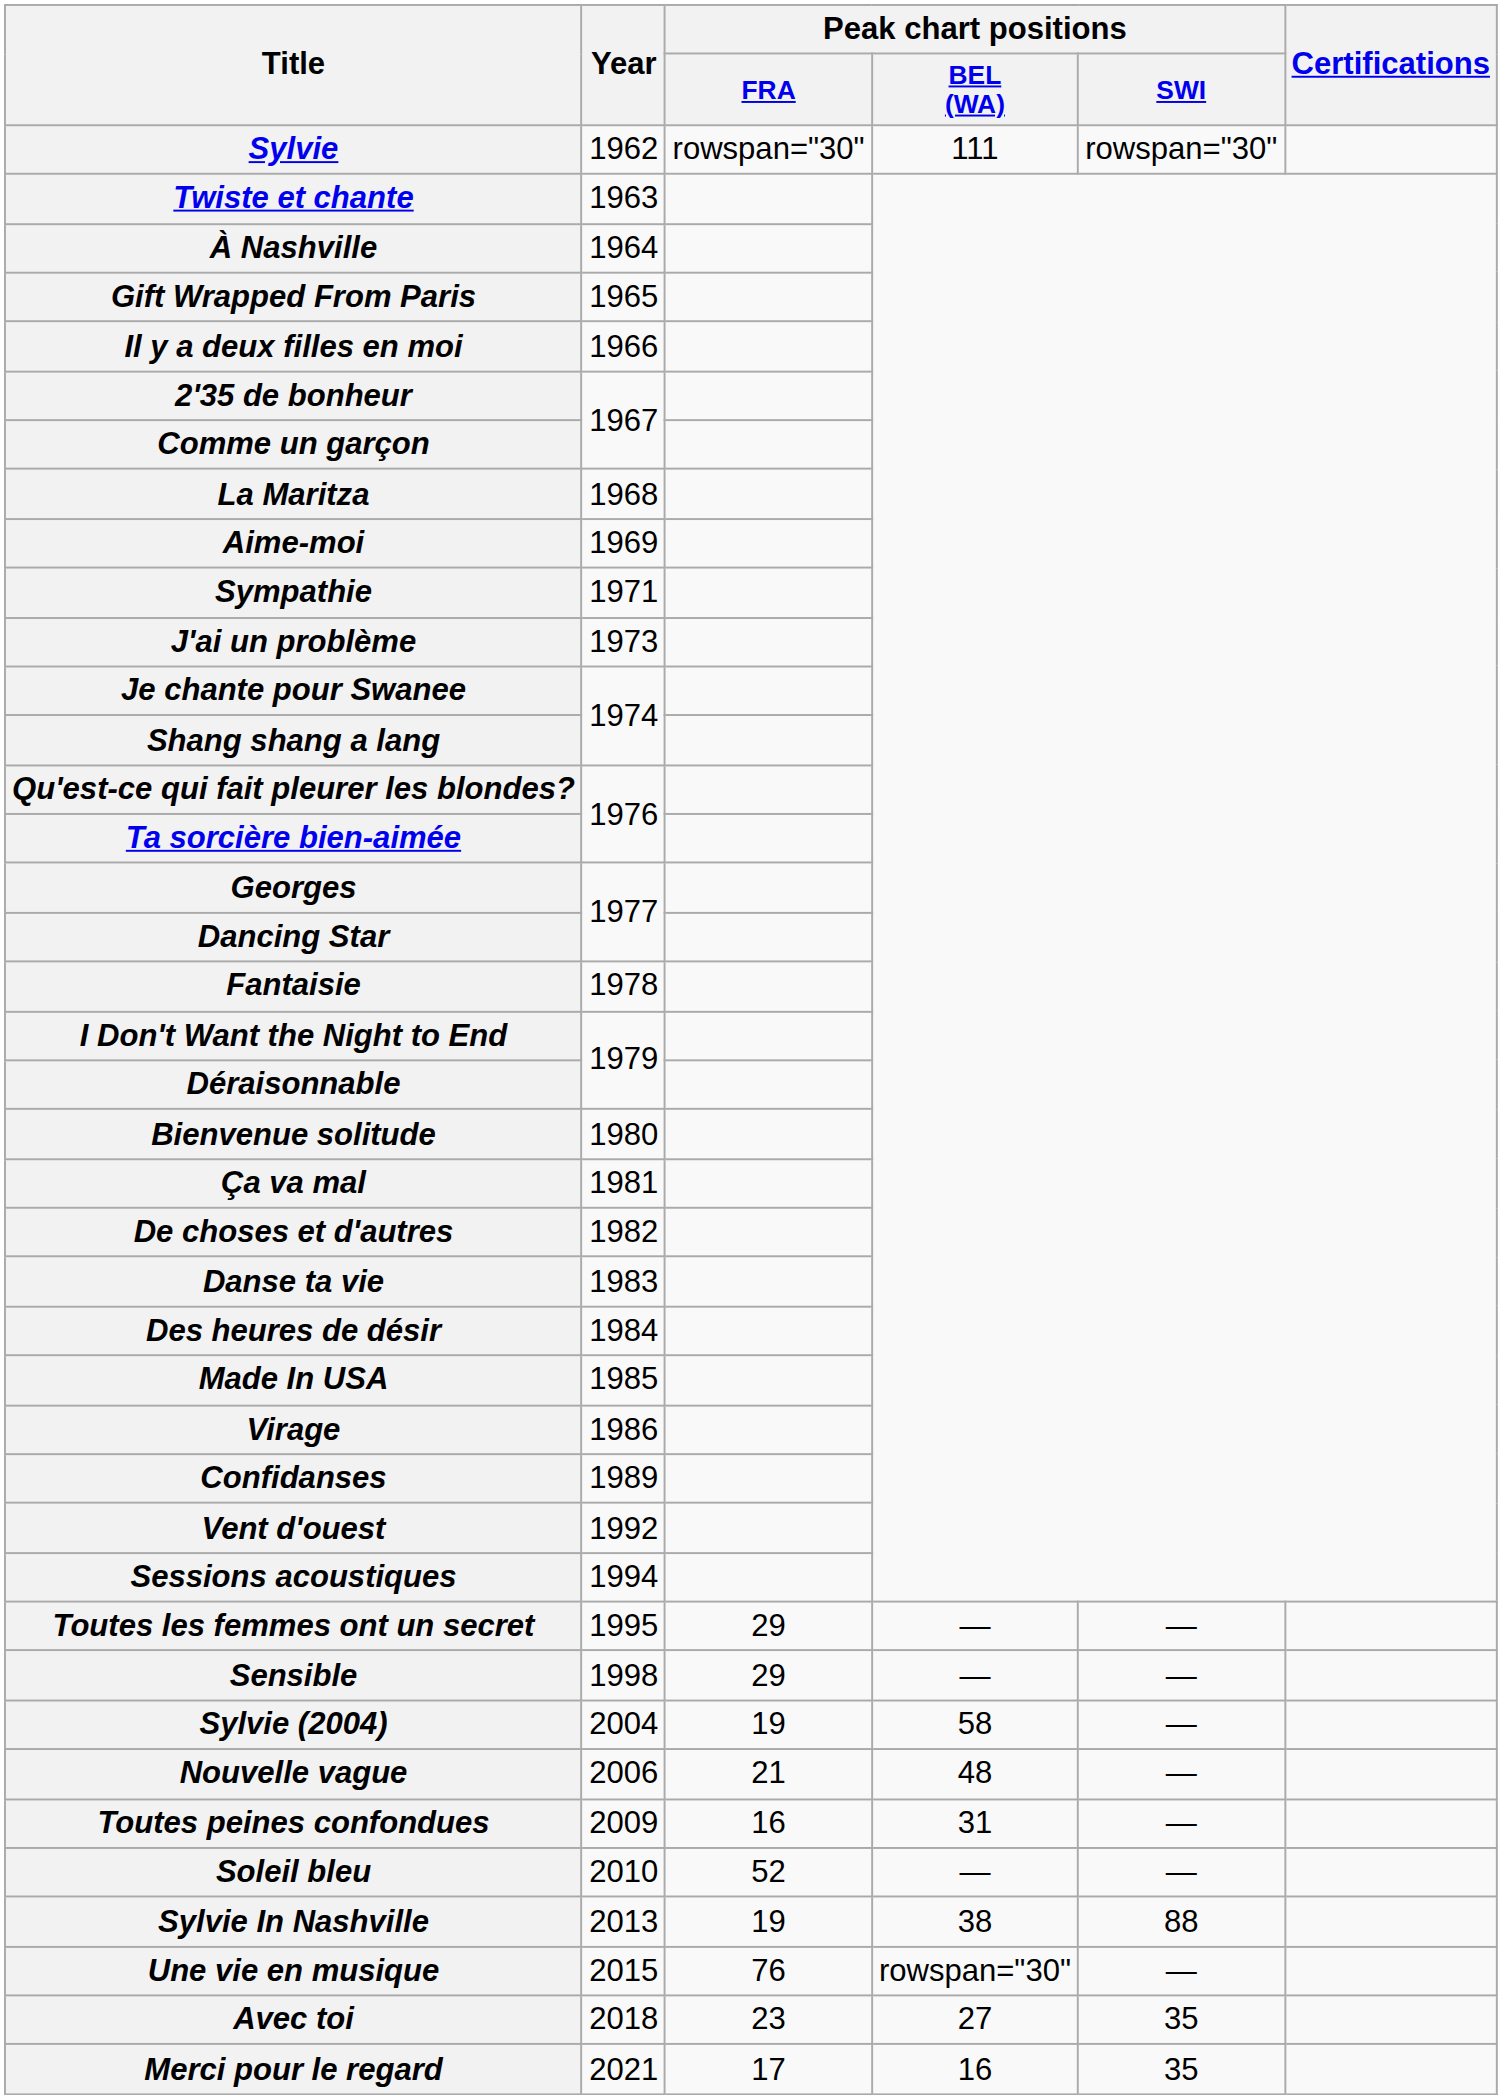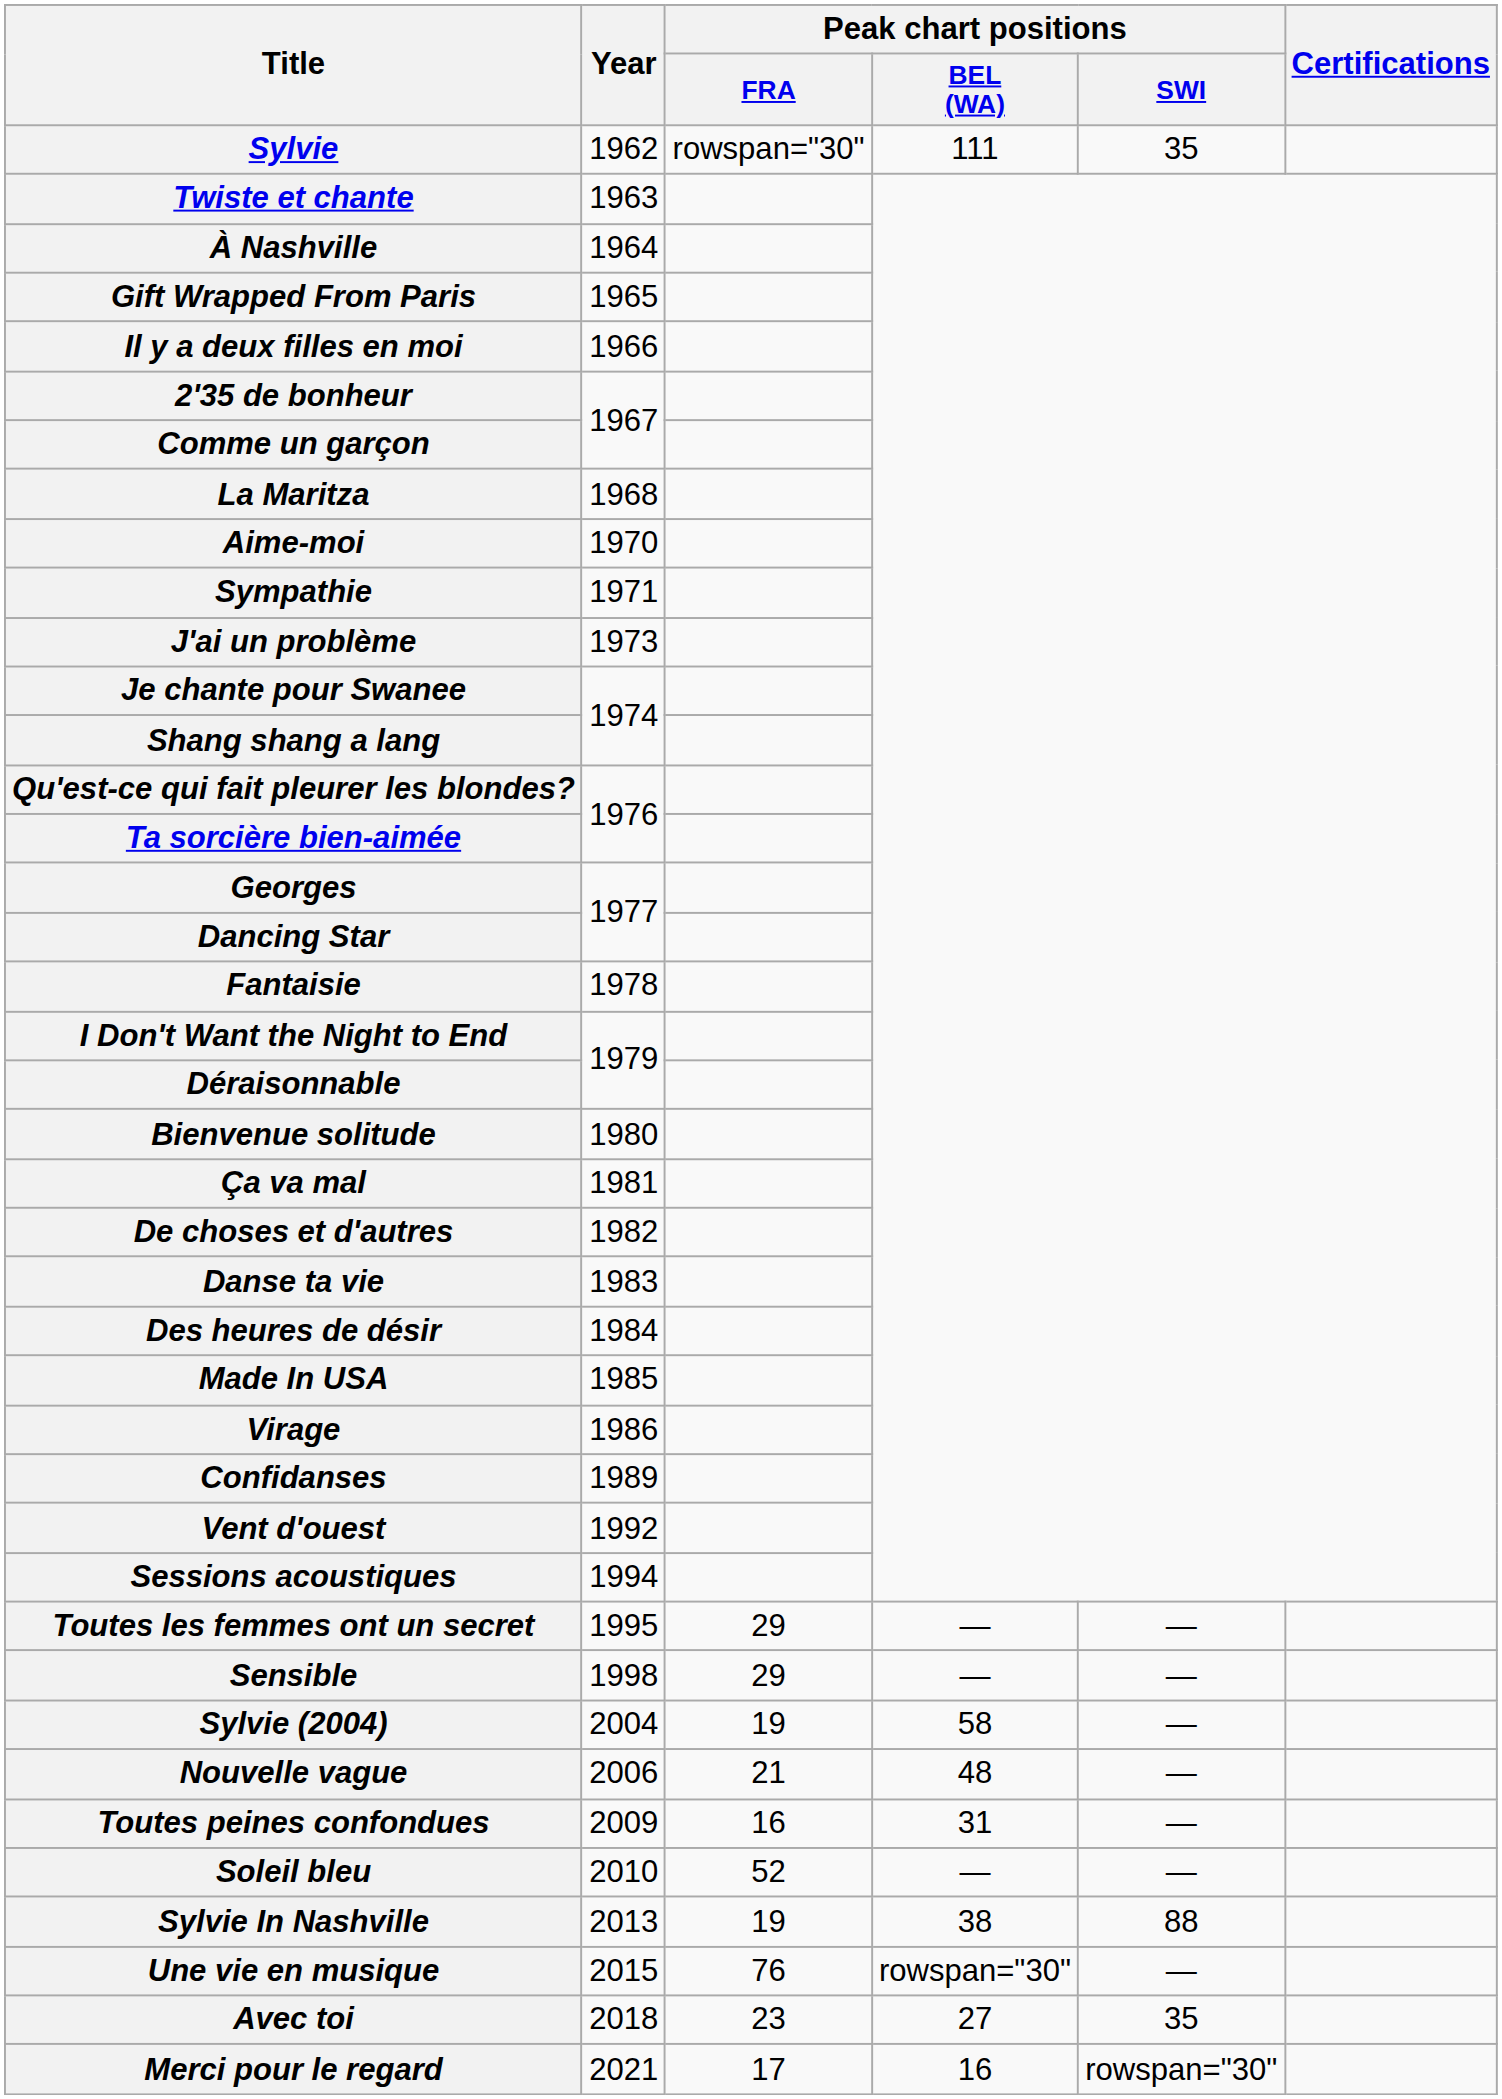 <table class="wikitable plainrowheaders" style="text-align:center;">
 <tr>
 <th rowspan="2">Title</th>
 <th rowspan="2">Year</th>
 <th colspan="3">Peak chart positions</th>
 <th rowspan="2"><a href='#'>Certifications</a></th>
 </tr>
 <tr>
 <th style="width:3em;font-size:85%"><a href='#'>FRA</a><br></th>
 <th style="width:3em;font-size:85%"><a href='#'>BEL<br>(WA)</a><br></th>
 <th style="width:3em;font-size:85%"><a href='#'>SWI</a><br></th>
 </tr>
 <tr>
 <th scope="row"><em><a href='#'>Sylvie</a></em></th>
 <td>1962</td>
 <td>rowspan="30" </td>
 <td>111</td>
-<td>rowspan="30" </td>
+<td>35</td>
 <td></td>
 </tr>
 <tr>
 <th scope="row"><em><a href='#'>Twiste et chante</a></em></th>
 <td>1963</td>
 <td></td>
 </tr>
 <tr>
 <th scope="row"><em>À Nashville</em></th>
 <td>1964</td>
 <td></td>
 </tr>
 <tr>
 <th scope="row"><em>Gift Wrapped From Paris</em></th>
 <td>1965</td>
 <td></td>
 </tr>
 <tr>
 <th scope="row"><em>Il y a deux filles en moi</em></th>
 <td>1966</td>
 <td></td>
 </tr>
 <tr>
 <th scope="row"><em>2'35 de bonheur</em></th>
 <td rowspan="2">1967</td>
 <td></td>
 </tr>
 <tr>
 <th scope="row"><em>Comme un garçon</em></th>
 <td></td>
 </tr>
 <tr>
 <th scope="row"><em>La Maritza</em></th>
 <td>1968</td>
 <td></td>
 </tr>
 <tr>
 <th scope="row"><em>Aime-moi</em></th>
-<td>1969</td>
+<td>1970</td>
 <td></td>
 </tr>
 <tr>
 <th scope="row"><em>Sympathie</em></th>
 <td>1971</td>
 <td></td>
 </tr>
 <tr>
 <th scope="row"><em>J'ai un problème</em></th>
 <td>1973</td>
 <td></td>
 </tr>
 <tr>
 <th scope="row"><em>Je chante pour Swanee</em></th>
 <td rowspan="2">1974</td>
 <td></td>
 </tr>
 <tr>
 <th scope="row"><em>Shang shang a lang</em></th>
 <td></td>
 </tr>
 <tr>
 <th scope="row"><em>Qu'est-ce qui fait pleurer les blondes?</em></th>
 <td rowspan="2">1976</td>
 <td></td>
 </tr>
 <tr>
 <th scope="row"><em><a href='#'>Ta sorcière bien-aimée</a></em></th>
 <td></td>
 </tr>
 <tr>
 <th scope="row"><em>Georges</em></th>
 <td rowspan="2">1977</td>
 <td></td>
 </tr>
 <tr>
 <th scope="row"><em>Dancing Star</em></th>
 <td></td>
 </tr>
 <tr>
 <th scope="row"><em>Fantaisie</em></th>
 <td>1978</td>
 <td></td>
 </tr>
 <tr>
 <th scope="row"><em>I Don't Want the Night to End</em></th>
 <td rowspan="2">1979</td>
 <td></td>
 </tr>
 <tr>
 <th scope="row"><em>Déraisonnable</em></th>
 <td></td>
 </tr>
 <tr>
 <th scope="row"><em>Bienvenue solitude</em></th>
 <td>1980</td>
 <td></td>
 </tr>
 <tr>
 <th scope="row"><em>Ça va mal</em></th>
 <td>1981</td>
 <td></td>
 </tr>
 <tr>
 <th scope="row"><em>De choses et d'autres</em></th>
 <td>1982</td>
 <td></td>
 </tr>
 <tr>
 <th scope="row"><em>Danse ta vie</em></th>
 <td>1983</td>
 <td></td>
 </tr>
 <tr>
 <th scope="row"><em>Des heures de désir</em></th>
 <td>1984</td>
 <td></td>
 </tr>
 <tr>
 <th scope="row"><em>Made In USA</em></th>
 <td>1985</td>
 <td></td>
 </tr>
 <tr>
 <th scope="row"><em>Virage</em></th>
 <td>1986</td>
 <td></td>
 </tr>
 <tr>
 <th scope="row"><em>Confidanses</em></th>
 <td>1989</td>
 <td></td>
 </tr>
 <tr>
 <th scope="row"><em>Vent d'ouest</em></th>
 <td>1992</td>
 <td></td>
 </tr>
 <tr>
 <th scope="row"><em>Sessions acoustiques</em></th>
 <td>1994</td>
 <td></td>
 </tr>
 <tr>
 <th scope="row"><em>Toutes les femmes ont un secret</em></th>
 <td>1995</td>
 <td>29</td>
 <td>—</td>
 <td>—</td>
 <td></td>
 </tr>
 <tr>
 <th scope="row"><em>Sensible</em></th>
 <td>1998</td>
 <td>29</td>
 <td>—</td>
 <td>—</td>
 <td></td>
 </tr>
 <tr>
 <th scope="row"><em>Sylvie (2004)</em></th>
 <td>2004</td>
 <td>19</td>
 <td>58</td>
 <td>—</td>
 <td></td>
 </tr>
 <tr>
 <th scope="row"><em>Nouvelle vague</em></th>
 <td>2006</td>
 <td>21</td>
 <td>48</td>
 <td>—</td>
 <td></td>
 </tr>
 <tr>
 <th scope="row"><em>Toutes peines confondues</em></th>
 <td>2009</td>
 <td>16</td>
 <td>31</td>
 <td>—</td>
 <td></td>
 </tr>
 <tr>
 <th scope="row"><em>Soleil bleu</em></th>
 <td>2010</td>
 <td>52</td>
 <td>—</td>
 <td>—</td>
 <td></td>
 </tr>
 <tr>
 <th scope="row"><em>Sylvie In Nashville</em></th>
 <td>2013</td>
 <td>19</td>
 <td>38</td>
 <td>88</td>
 <td></td>
 </tr>
 <tr>
 <th scope="row"><em>Une vie en musique</em></th>
 <td>2015</td>
 <td>76</td>
 <td>rowspan="30" </td>
 <td>—</td>
 <td></td>
 </tr>
 <tr>
 <th scope="row"><em>Avec toi</em></th>
 <td>2018</td>
 <td>23</td>
 <td>27</td>
 <td>35</td>
 <td></td>
 </tr>
 <tr>
 <th scope="row"><em>Merci pour le regard</em></th>
 <td>2021</td>
 <td>17<br></td>
 <td>16</td>
-<td>35</td>
+<td>rowspan="30" </td>
 <td></td>
 </tr>
 </table>
